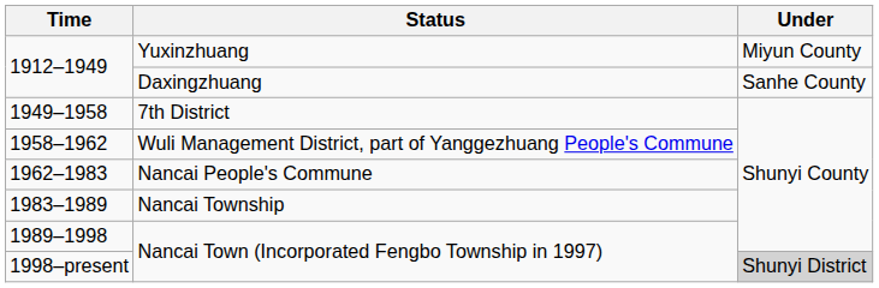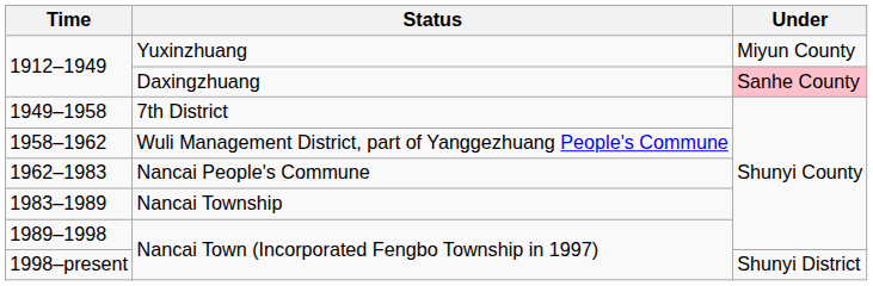 <table class="wikitable">
 <tr>
 <th>Time</th>
 <th>Status</th>
 <th>Under</th>
 </tr>
 <tr>
 <td rowspan="2">1912–1949</td>
 <td>Yuxinzhuang</td>
 <td>Miyun County</td>
 </tr>
 <tr>
 <td>Daxingzhuang</td>
-<td>Sanhe County</td>
+<td style="background: pink;">Sanhe County</td>
 </tr>
 <tr>
 <td>1949–1958</td>
 <td>7th District</td>
 <td rowspan="5">Shunyi County</td>
 </tr>
 <tr>
 <td>1958–1962</td>
 <td>Wuli Management District, part of Yanggezhuang <a href='#'>People's Commune</a></td>
 </tr>
 <tr>
 <td>1962–1983</td>
 <td>Nancai People's Commune</td>
 </tr>
 <tr>
 <td>1983–1989</td>
 <td>Nancai Township</td>
 </tr>
 <tr>
 <td>1989–1998</td>
 <td rowspan="2">Nancai Town (Incorporated Fengbo Township in 1997)</td>
 </tr>
 <tr>
 <td>1998–present</td>
-<td style="background: lightgrey;">Shunyi District</td>
+<td>Shunyi District</td>
 </tr>
 </table>
